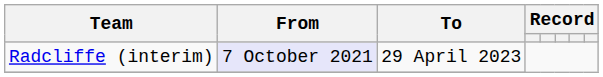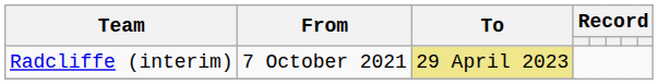 <table class=wikitable style="text-align: center">
 <tr>
 <th rowspan=2>Team</th>
 <th rowspan=2>From</th>
 <th rowspan=2>To</th>
 <th colspan=5>Record</th>
 </tr>
 <tr>
 <th></th>
 <th></th>
 <th></th>
 <th></th>
 <th></th>
 </tr>
 <tr>
 <td align=left><a href='#'>Radcliffe</a> (interim)</td>
-<td align=left style="background: lavender;">7 October 2021</td>
-<td align=left>29 April 2023<br></td>
+<td align=left>7 October 2021</td>
+<td align=left style="background: khaki;">29 April 2023<br></td>
 </tr>
 <tr>
 </tr>
 </table>
